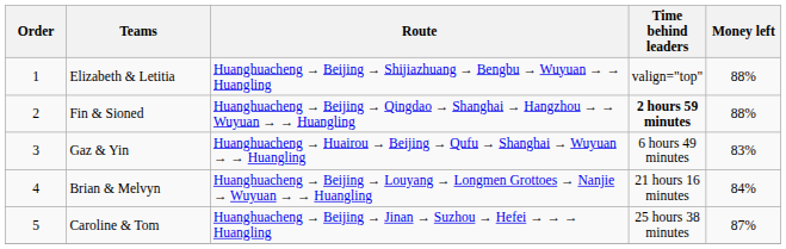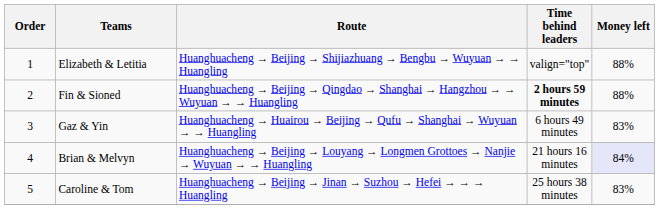 <table class="wikitable sortable" style="text-align:center">
 <tr>
 <th style="width:4em">Order</th>
 <th style="width:10em">Teams</th>
 <th style="width:30em">Route</th>
 <th style="width:5em">Time behind leaders</th>
 <th style="width:5em">Money left</th>
 </tr>
 <tr>
 <td>1</td>
 <td style="text-align:left">Elizabeth & Letitia</td>
 <td style="text-align:left"><a href='#'>Huanghuacheng</a>  → <a href='#'>Beijing</a>  → <a href='#'>Shijiazhuang</a>  → <a href='#'>Bengbu</a>   → <a href='#'>Wuyuan</a>  →  → <a href='#'>Huangling</a></td>
 <td>valign="top" </td>
 <td>88%</td>
 </tr>
 <tr>
 <td>2</td>
 <td style="text-align:left">Fin & Sioned</td>
 <td style="text-align:left"><a href='#'>Huanghuacheng</a>  → <a href='#'>Beijing</a>  → <a href='#'>Qingdao</a>  → <a href='#'>Shanghai</a>  →  <a href='#'>Hangzhou</a> →   → <a href='#'>Wuyuan</a> →  →  <a href='#'>Huangling</a></td>
 <td><strong>2 hours 59 minutes</strong></td>
 <td>88%</td>
 </tr>
 <tr>
 <td>3</td>
 <td style="text-align:left">Gaz & Yin</td>
 <td style="text-align:left"><a href='#'>Huanghuacheng</a>  → <a href='#'>Huairou</a>  → <a href='#'>Beijing</a>  → <a href='#'>Qufu</a>  → <a href='#'>Shanghai</a>  →  <a href='#'>Wuyuan</a> →  → <a href='#'>Huangling</a></td>
 <td>6 hours 49 minutes</td>
 <td>83%</td>
 </tr>
 <tr>
 <td>4</td>
 <td style="text-align:left">Brian & Melvyn</td>
 <td style="text-align:left"><a href='#'>Huanghuacheng</a>  → <a href='#'>Beijing</a>   → <a href='#'>Louyang</a>  → <a href='#'>Longmen Grottoes</a>   →  <a href='#'>Nanjie</a>   → <a href='#'>Wuyuan</a> →  →  <a href='#'>Huangling</a></td>
 <td>21 hours 16 minutes</td>
-<td>84%</td>
+<td style="background: lavender;">84%</td>
 </tr>
 <tr>
 <td>5</td>
 <td style="text-align:left">Caroline & Tom</td>
 <td style="text-align:left"><a href='#'>Huanghuacheng</a>  → <a href='#'>Beijing</a>   → <a href='#'>Jinan</a>  → <a href='#'>Suzhou</a>  →  <a href='#'>Hefei</a>  →  →  →  <a href='#'>Huangling</a></td>
 <td>25 hours 38 minutes</td>
-<td>87%</td>
+<td>83%</td>
 </tr>
 <tr>
 </tr>
 </table>
